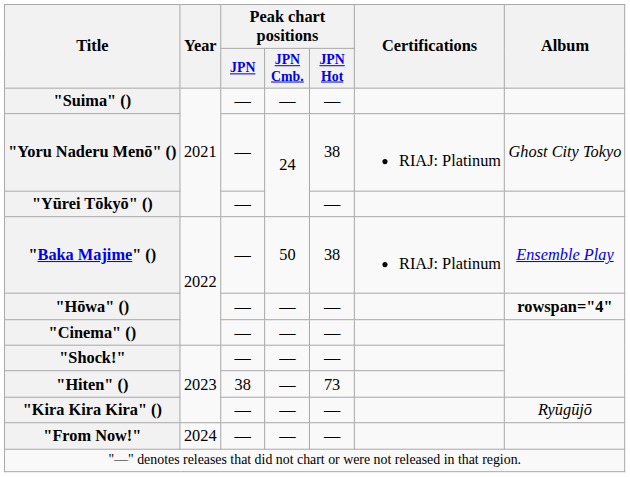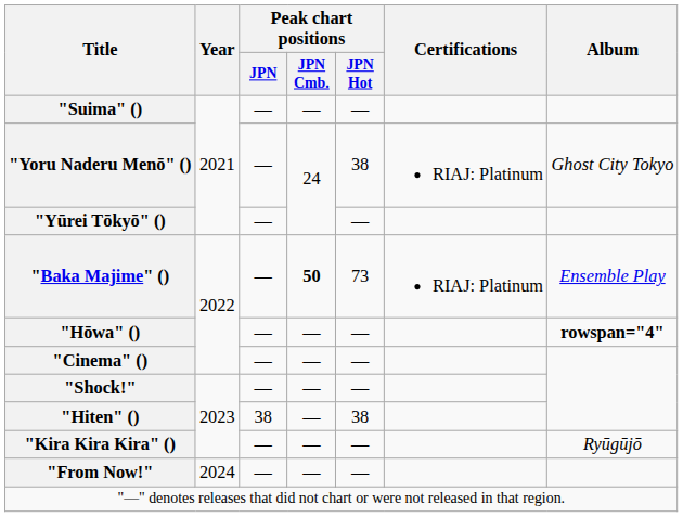 <table class="wikitable plainrowheaders" style="text-align:center;">
 <tr>
 <th scope="col" rowspan="2">Title</th>
 <th scope="col" rowspan="2">Year</th>
 <th scope="col" colspan="3">Peak chart positions</th>
 <th scope="col" rowspan="2">Certifications</th>
 <th scope="col" rowspan="2">Album</th>
 </tr>
 <tr>
 <th scope="col" style="width:2.75em;font-size:85%;"><a href='#'>JPN</a><br></th>
 <th scope="col" style="width:2.75em;font-size:85%;"><a href='#'>JPN<br>Cmb.</a><br></th>
 <th scope="col" style="width:2.75em;font-size:85%;"><a href='#'>JPN<br>Hot</a><br></th>
 </tr>
 <tr>
 <th scope="row">"Suima" ()<br></th>
 <td rowspan="3">2021</td>
 <td>—</td>
 <td>—</td>
 <td>—</td>
 <td></td>
 <td></td>
 </tr>
 <tr>
 <th scope="row">"Yoru Naderu Menō" ()</th>
 <td>—</td>
 <td rowspan="2">24</td>
 <td>38</td>
 <td><br><ul><li>RIAJ: Platinum </li></ul></td>
 <td><em>Ghost City Tokyo</em></td>
 </tr>
 <tr>
 <th scope="row">"Yūrei Tōkyō" ()</th>
 <td>—</td>
 <td>—</td>
 <td></td>
 <td></td>
 </tr>
 <tr>
 <th scope="row">"<a href='#'>Baka Majime</a>" ()<br></th>
 <td rowspan="3">2022</td>
 <td>—</td>
-<td>50</td>
-<td>38</td>
+<td><strong>50</strong></td>
+<td>73</td>
 <td><br><ul><li>RIAJ: Platinum </li></ul></td>
 <td><em><a href='#'>Ensemble Play</a></em></td>
 </tr>
 <tr>
 <th scope="row">"Hōwa" ()</th>
 <td>—</td>
 <td>—</td>
 <td>—</td>
 <td></td>
 <td><strong>rowspan="4" </strong></td>
 </tr>
 <tr>
 <th scope="row">"Cinema" ()</th>
 <td>—</td>
 <td>—</td>
 <td>—</td>
 <td></td>
 </tr>
 <tr>
 <th scope="row">"Shock!"</th>
 <td rowspan="3">2023</td>
 <td>—</td>
 <td>—</td>
 <td>—</td>
 <td></td>
 </tr>
 <tr>
 <th scope="row">"Hiten" ()<br></th>
 <td>38</td>
 <td>—</td>
-<td>73</td>
+<td>38</td>
 <td></td>
 </tr>
 <tr>
 <th scope="row">"Kira Kira Kira" ()<br></th>
 <td>—</td>
 <td>—</td>
 <td>—</td>
 <td></td>
 <td><em>Ryūgūjō</em></td>
 </tr>
 <tr>
 <th scope="row">"From Now!"</th>
 <td>2024</td>
 <td>—</td>
 <td>—</td>
 <td>—</td>
 <td></td>
 <td></td>
 </tr>
 <tr>
 <td colspan="7" style="font-size:85%">"—" denotes releases that did not chart or were not released in that region.</td>
 </tr>
 </table>
